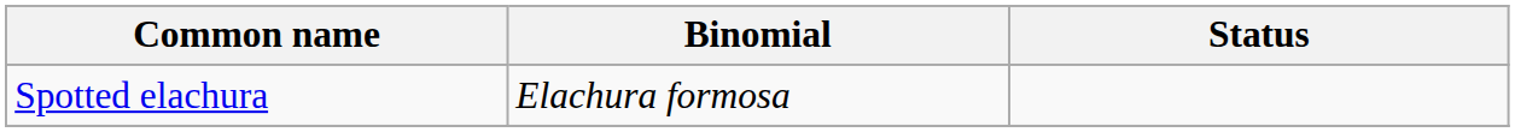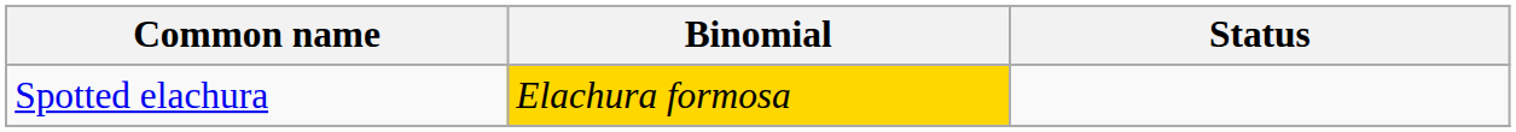 <table width=72% class="wikitable">
 <tr>
 <th width=24%>Common name</th>
 <th width=24%>Binomial</th>
 <th width=24%>Status</th>
 </tr>
 <tr>
 <td><a href='#'>Spotted elachura</a></td>
-<td><em>Elachura formosa</em></td>
+<td style="background: gold;"><em>Elachura formosa</em></td>
 <td></td>
 </tr>
 <tr>
 </tr>
 </table>
